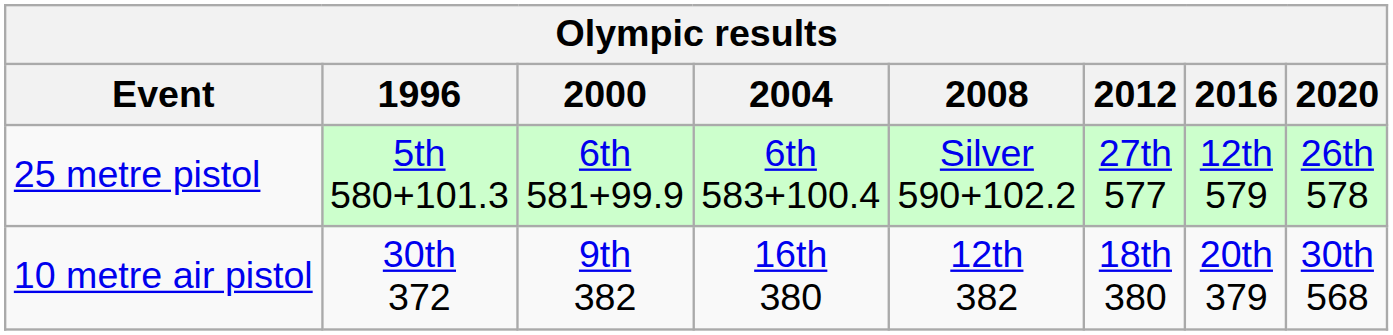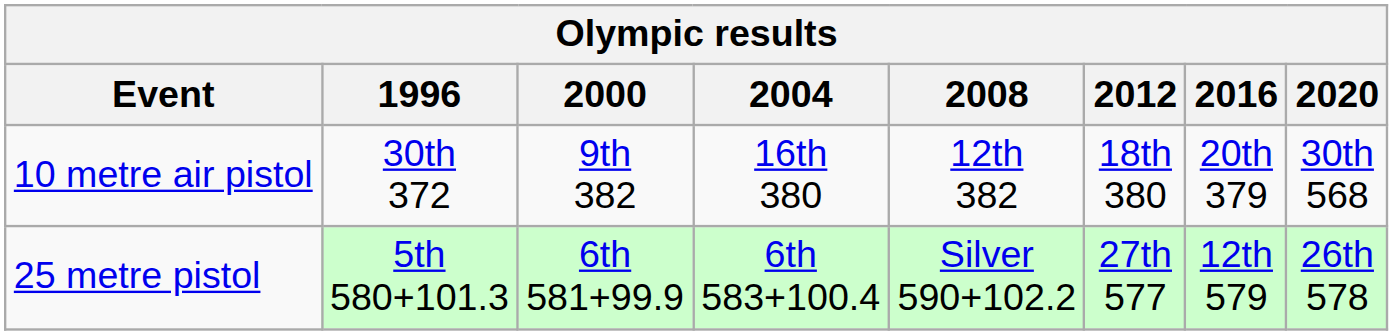 <table class="wikitable" style="text-align: center">
 <tr>
 <th colspan=8>Olympic results</th>
 </tr>
 <tr>
 <th>Event</th>
 <th>1996</th>
 <th>2000</th>
 <th>2004</th>
 <th>2008</th>
 <th>2012</th>
 <th>2016</th>
 <th>2020</th>
 </tr>
 <tr>
+<td align=left><a href='#'>10 metre air pistol</a></td>
+<td><a href='#'>30th</a><br>372</td>
+<td><a href='#'>9th</a><br>382</td>
+<td><a href='#'>16th</a><br>380</td>
+<td><a href='#'>12th</a><br>382</td>
+<td><a href='#'>18th</a><br>380</td>
+<td><a href='#'>20th</a><br>379</td>
+<td><a href='#'>30th</a><br>568</td>
+</tr>
+<tr>
 <td align=left><a href='#'>25 metre pistol</a></td>
 <td style="background:#cfc;"><a href='#'>5th</a><br>580+101.3</td>
 <td style="background:#cfc;"><a href='#'>6th</a><br>581+99.9</td>
 <td style="background:#cfc;"><a href='#'>6th</a><br>583+100.4</td>
 <td style="background:#cfc;"> <a href='#'>Silver</a><br>590+102.2</td>
 <td style="background:#cfc;"><a href='#'>27th</a><br>577</td>
 <td style="background:#cfc;"><a href='#'>12th</a><br>579</td>
 <td style="background:#cfc;"><a href='#'>26th</a><br>578</td>
 </tr>
-<tr>
-<td align=left><a href='#'>10 metre air pistol</a></td>
-<td><a href='#'>30th</a><br>372</td>
-<td><a href='#'>9th</a><br>382</td>
-<td><a href='#'>16th</a><br>380</td>
-<td><a href='#'>12th</a><br>382</td>
-<td><a href='#'>18th</a><br>380</td>
-<td><a href='#'>20th</a><br>379</td>
-<td><a href='#'>30th</a><br>568</td>
-</tr>
 </table>
